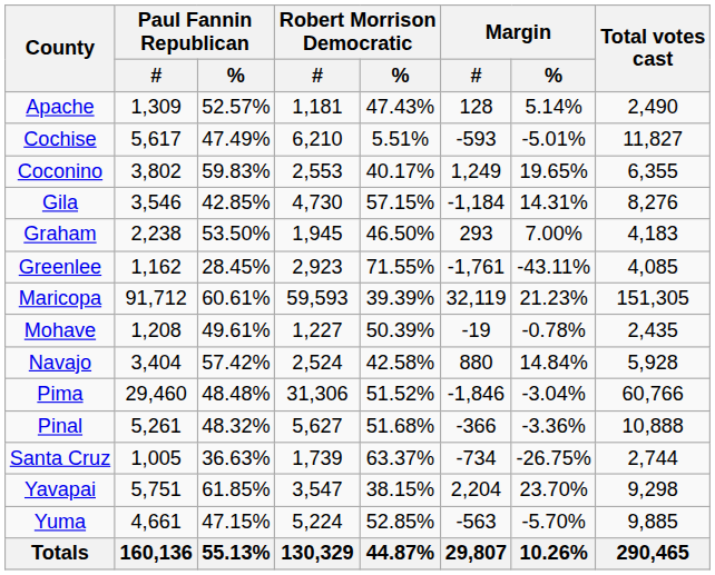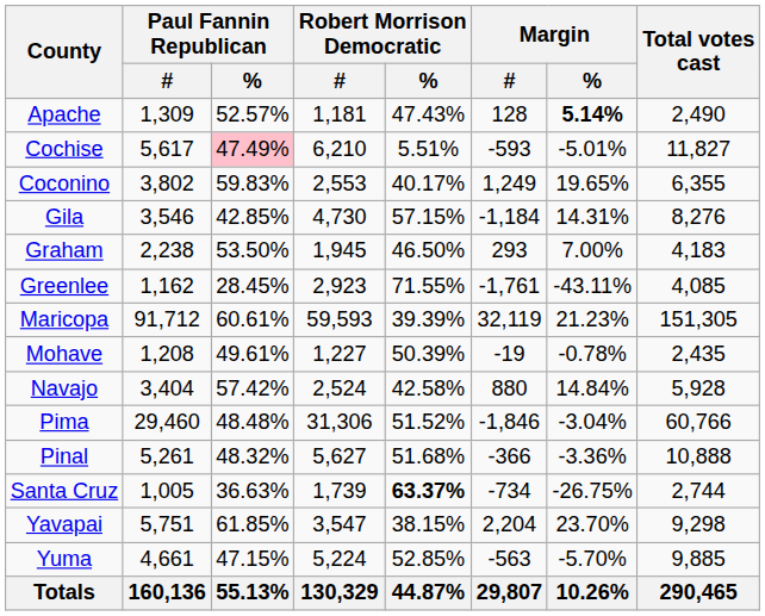 <table class="wikitable sortable" style="text-align:center">
 <tr>
 <th rowspan="2">County</th>
 <th style="text-align:center;" colspan="2">Paul Fannin<br>Republican</th>
 <th style="text-align:center;" colspan="2">Robert Morrison<br>Democratic</th>
 <th style="text-align:center;" colspan="2">Margin</th>
 <th style="text-align:center;" rowspan="2">Total votes<br>cast</th>
 </tr>
 <tr>
 <th style="text-align:center;" data-sort-type="number">#</th>
 <th style="text-align:center;" data-sort-type="number">%</th>
 <th style="text-align:center;" data-sort-type="number">#</th>
 <th style="text-align:center;" data-sort-type="number">%</th>
 <th style="text-align:center;" data-sort-type="number">#</th>
 <th style="text-align:center;" data-sort-type="number">%</th>
 </tr>
 <tr style="text-align:center;">
 <td><a href='#'>Apache</a></td>
 <td>1,309</td>
 <td>52.57%</td>
 <td>1,181</td>
 <td>47.43%</td>
 <td>128</td>
-<td>5.14%</td>
+<td><strong>5.14%</strong></td>
 <td>2,490</td>
 </tr>
 <tr style="text-align:center;">
 <td><a href='#'>Cochise</a></td>
 <td>5,617</td>
-<td>47.49%</td>
+<td style="background: pink;">47.49%</td>
 <td>6,210</td>
 <td>5.51%</td>
 <td>-593</td>
 <td>-5.01%</td>
 <td>11,827</td>
 </tr>
 <tr style="text-align:center;">
 <td><a href='#'>Coconino</a></td>
 <td>3,802</td>
 <td>59.83%</td>
 <td>2,553</td>
 <td>40.17%</td>
 <td>1,249</td>
 <td>19.65%</td>
 <td>6,355</td>
 </tr>
 <tr style="text-align:center;">
 <td><a href='#'>Gila</a></td>
 <td>3,546</td>
 <td>42.85%</td>
 <td>4,730</td>
 <td>57.15%</td>
 <td>-1,184</td>
 <td>14.31%</td>
 <td>8,276</td>
 </tr>
 <tr style="text-align:center;">
 <td><a href='#'>Graham</a></td>
 <td>2,238</td>
 <td>53.50%</td>
 <td>1,945</td>
 <td>46.50%</td>
 <td>293</td>
 <td>7.00%</td>
 <td>4,183</td>
 </tr>
 <tr style="text-align:center;">
 <td><a href='#'>Greenlee</a></td>
 <td>1,162</td>
 <td>28.45%</td>
 <td>2,923</td>
 <td>71.55%</td>
 <td>-1,761</td>
 <td>-43.11%</td>
 <td>4,085</td>
 </tr>
 <tr style="text-align:center;">
 <td><a href='#'>Maricopa</a></td>
 <td>91,712</td>
 <td>60.61%</td>
 <td>59,593</td>
 <td>39.39%</td>
 <td>32,119</td>
 <td>21.23%</td>
 <td>151,305</td>
 </tr>
 <tr style="text-align:center;">
 <td><a href='#'>Mohave</a></td>
 <td>1,208</td>
 <td>49.61%</td>
 <td>1,227</td>
 <td>50.39%</td>
 <td>-19</td>
 <td>-0.78%</td>
 <td>2,435</td>
 </tr>
 <tr style="text-align:center;">
 <td><a href='#'>Navajo</a></td>
 <td>3,404</td>
 <td>57.42%</td>
 <td>2,524</td>
 <td>42.58%</td>
 <td>880</td>
 <td>14.84%</td>
 <td>5,928</td>
 </tr>
 <tr style="text-align:center;">
 <td><a href='#'>Pima</a></td>
 <td>29,460</td>
 <td>48.48%</td>
 <td>31,306</td>
 <td>51.52%</td>
 <td>-1,846</td>
 <td>-3.04%</td>
 <td>60,766</td>
 </tr>
 <tr style="text-align:center;">
 <td><a href='#'>Pinal</a></td>
 <td>5,261</td>
 <td>48.32%</td>
 <td>5,627</td>
 <td>51.68%</td>
 <td>-366</td>
 <td>-3.36%</td>
 <td>10,888</td>
 </tr>
 <tr style="text-align:center;">
 <td><a href='#'>Santa Cruz</a></td>
 <td>1,005</td>
 <td>36.63%</td>
 <td>1,739</td>
-<td>63.37%</td>
+<td><strong>63.37%</strong></td>
 <td>-734</td>
 <td>-26.75%</td>
 <td>2,744</td>
 </tr>
 <tr style="text-align:center;">
 <td><a href='#'>Yavapai</a></td>
 <td>5,751</td>
 <td>61.85%</td>
 <td>3,547</td>
 <td>38.15%</td>
 <td>2,204</td>
 <td>23.70%</td>
 <td>9,298</td>
 </tr>
 <tr style="text-align:center;">
 <td><a href='#'>Yuma</a></td>
 <td>4,661</td>
 <td>47.15%</td>
 <td>5,224</td>
 <td>52.85%</td>
 <td>-563</td>
 <td>-5.70%</td>
 <td>9,885</td>
 </tr>
 <tr style="text-align:center;">
 <th>Totals</th>
 <th>160,136</th>
 <th>55.13%</th>
 <th>130,329</th>
 <th>44.87%</th>
 <th>29,807</th>
 <th>10.26%</th>
 <th>290,465</th>
 </tr>
 </table>
